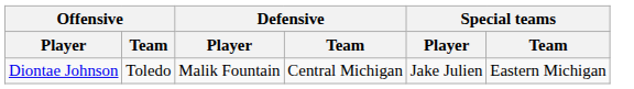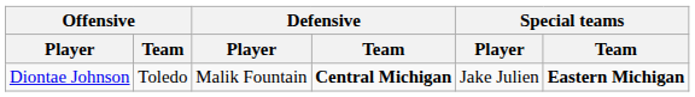 <table class="wikitable" style="display: inline-table;">
 <tr>
 <th colspan="2">Offensive</th>
 <th colspan="2">Defensive</th>
 <th colspan="2">Special teams</th>
 </tr>
 <tr>
 <th>Player</th>
 <th>Team</th>
 <th>Player</th>
 <th>Team</th>
 <th>Player</th>
 <th>Team</th>
 </tr>
 <tr>
 <td><a href='#'>Diontae Johnson</a></td>
 <td>Toledo</td>
 <td>Malik Fountain</td>
-<td>Central Michigan</td>
+<td><strong>Central Michigan</strong></td>
 <td>Jake Julien</td>
-<td>Eastern Michigan</td>
+<td><strong>Eastern Michigan</strong></td>
 </tr>
 </table>
